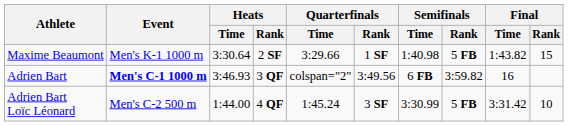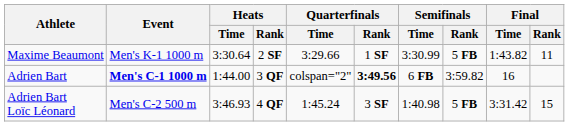 <table class=wikitable style="font-size:90%">
 <tr>
 <th rowspan="2">Athlete</th>
 <th rowspan="2">Event</th>
 <th colspan=2>Heats</th>
 <th colspan=2>Quarterfinals</th>
 <th colspan=2>Semifinals</th>
 <th colspan=2>Final</th>
 </tr>
 <tr style="font-size:95%">
 <th>Time</th>
 <th>Rank</th>
 <th>Time</th>
 <th>Rank</th>
 <th>Time</th>
 <th>Rank</th>
 <th>Time</th>
 <th>Rank</th>
 </tr>
 <tr align=center>
 <td align=left><a href='#'>Maxime Beaumont</a></td>
 <td align=left><a href='#'>Men's K-1 1000 m</a></td>
 <td>3:30.64</td>
 <td>2 <strong>SF</strong></td>
 <td>3:29.66</td>
 <td>1 <strong>SF</strong></td>
-<td>1:40.98</td>
+<td>3:30.99</td>
 <td>5 <strong>FB</strong></td>
 <td>1:43.82</td>
-<td>15</td>
+<td>11</td>
 </tr>
 <tr align=center>
 <td align=left><a href='#'>Adrien Bart</a></td>
 <td align=left><strong><a href='#'>Men's C-1 1000 m</a></strong></td>
-<td>3:46.93</td>
+<td>1:44.00</td>
 <td>3 <strong>QF</strong></td>
 <td>colspan="2" </td>
-<td>3:49.56</td>
+<td><strong>3:49.56</strong></td>
 <td>6 <strong>FB</strong></td>
 <td>3:59.82</td>
 <td>16</td>
 </tr>
 <tr align=center>
 <td align=left><a href='#'>Adrien Bart</a><br><a href='#'>Loïc Léonard</a></td>
 <td align=left><a href='#'>Men's C-2 500 m</a></td>
-<td>1:44.00</td>
+<td>3:46.93</td>
 <td>4 <strong>QF</strong></td>
 <td>1:45.24</td>
 <td>3 <strong>SF</strong></td>
-<td>3:30.99</td>
+<td>1:40.98</td>
 <td>5 <strong>FB</strong></td>
 <td>3:31.42</td>
-<td>10</td>
+<td>15</td>
 </tr>
 </table>
